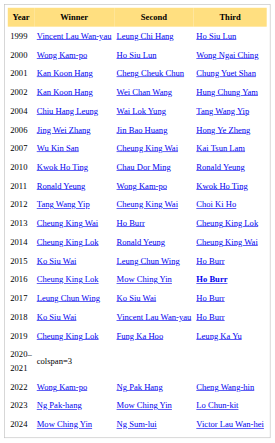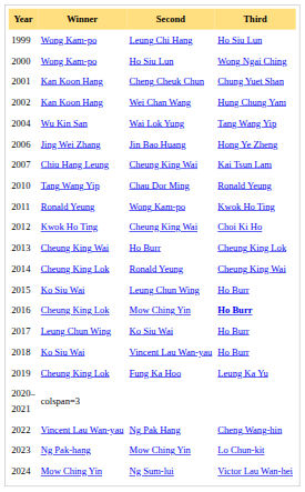 <table cellpadding="4" cellspacing="0"  style="border: 1px solid silver; color: black; margin: 0 0 0.5em 0; background-color: white; padding: 5px; text-align: left; font-size:85%; vertical-align: top; line-height:1.6em;">
 <tr>
 <th scope=col; align="center" bgcolor="FFDF80">Year</th>
 <th scope=col; align="center" bgcolor="FFDF80">Winner</th>
 <th scope=col; align="center" bgcolor="FFDF80">Second</th>
 <th scope=col; align="center" bgcolor="FFDF80">Third</th>
 </tr>
 <tr>
 <td>1999</td>
-<td><a href='#'>Vincent Lau Wan-yau</a></td>
+<td><a href='#'>Wong Kam-po</a></td>
 <td><a href='#'>Leung Chi Hang</a></td>
 <td><a href='#'>Ho Siu Lun</a></td>
 </tr>
 <tr>
 <td>2000</td>
 <td><a href='#'>Wong Kam-po</a></td>
 <td><a href='#'>Ho Siu Lun</a></td>
 <td><a href='#'>Wong Ngai Ching</a></td>
 </tr>
 <tr>
 <td>2001</td>
 <td><a href='#'>Kan Koon Hang</a></td>
 <td><a href='#'>Cheng Cheuk Chun</a></td>
 <td><a href='#'>Chung Yuet Shan</a></td>
 </tr>
 <tr>
 <td>2002</td>
 <td><a href='#'>Kan Koon Hang</a></td>
 <td><a href='#'>Wei Chan Wang</a></td>
 <td><a href='#'>Hung Chung Yam</a></td>
 </tr>
 <tr>
 <td>2004</td>
-<td><a href='#'>Chiu Hang Leung</a></td>
+<td><a href='#'>Wu Kin San</a></td>
 <td><a href='#'>Wai Lok Yung</a></td>
 <td><a href='#'>Tang Wang Yip</a></td>
 </tr>
 <tr>
 <td>2006</td>
 <td><a href='#'>Jing Wei Zhang</a></td>
 <td><a href='#'>Jin Bao Huang</a></td>
 <td><a href='#'>Hong Ye Zheng</a></td>
 </tr>
 <tr>
 <td>2007</td>
-<td><a href='#'>Wu Kin San</a></td>
+<td><a href='#'>Chiu Hang Leung</a></td>
 <td><a href='#'>Cheung King Wai</a></td>
 <td><a href='#'>Kai Tsun Lam</a></td>
 </tr>
 <tr>
 <td>2010</td>
-<td><a href='#'>Kwok Ho Ting</a></td>
+<td><a href='#'>Tang Wang Yip</a></td>
 <td><a href='#'>Chau Dor Ming</a></td>
 <td><a href='#'>Ronald Yeung</a></td>
 </tr>
 <tr>
 <td>2011</td>
 <td><a href='#'>Ronald Yeung</a></td>
 <td><a href='#'>Wong Kam-po</a></td>
 <td><a href='#'>Kwok Ho Ting</a></td>
 </tr>
 <tr>
 <td>2012</td>
-<td><a href='#'>Tang Wang Yip</a></td>
+<td><a href='#'>Kwok Ho Ting</a></td>
 <td><a href='#'>Cheung King Wai</a></td>
 <td><a href='#'>Choi Ki Ho</a></td>
 </tr>
 <tr>
 <td>2013</td>
 <td><a href='#'>Cheung King Wai</a></td>
 <td><a href='#'>Ho Burr</a></td>
 <td><a href='#'>Cheung King Lok</a></td>
 </tr>
 <tr>
 <td>2014</td>
 <td><a href='#'>Cheung King Lok</a></td>
 <td><a href='#'>Ronald Yeung</a></td>
 <td><a href='#'>Cheung King Wai</a></td>
 </tr>
 <tr>
 <td>2015</td>
 <td><a href='#'>Ko Siu Wai</a></td>
 <td><a href='#'>Leung Chun Wing</a></td>
 <td><a href='#'>Ho Burr</a></td>
 </tr>
 <tr>
 <td>2016</td>
 <td><a href='#'>Cheung King Lok</a></td>
 <td><a href='#'>Mow Ching Yin</a></td>
 <td><strong><a href='#'>Ho Burr</a></strong></td>
 </tr>
 <tr>
 <td>2017</td>
 <td><a href='#'>Leung Chun Wing</a></td>
 <td><a href='#'>Ko Siu Wai</a></td>
 <td><a href='#'>Ho Burr</a></td>
 </tr>
 <tr>
 <td>2018</td>
 <td><a href='#'>Ko Siu Wai</a></td>
 <td><a href='#'>Vincent Lau Wan-yau</a></td>
 <td><a href='#'>Ho Burr</a></td>
 </tr>
 <tr>
 <td>2019</td>
 <td><a href='#'>Cheung King Lok</a></td>
 <td><a href='#'>Fung Ka Hoo</a></td>
 <td><a href='#'>Leung Ka Yu</a></td>
 </tr>
 <tr>
 <td>2020–<br>2021</td>
 <td>colspan=3 </td>
 </tr>
 <tr>
 <td>2022</td>
-<td><a href='#'>Wong Kam-po</a></td>
+<td><a href='#'>Vincent Lau Wan-yau</a></td>
 <td><a href='#'>Ng Pak Hang</a></td>
 <td><a href='#'>Cheng Wang-hin</a></td>
 </tr>
 <tr>
 <td>2023</td>
 <td><a href='#'>Ng Pak-hang</a></td>
 <td><a href='#'>Mow Ching Yin</a></td>
 <td><a href='#'>Lo Chun-kit</a></td>
 </tr>
 <tr>
 <td>2024</td>
 <td><a href='#'>Mow Ching Yin</a></td>
 <td><a href='#'>Ng Sum-lui</a></td>
 <td><a href='#'>Victor Lau Wan-hei</a></td>
 </tr>
 </table>
